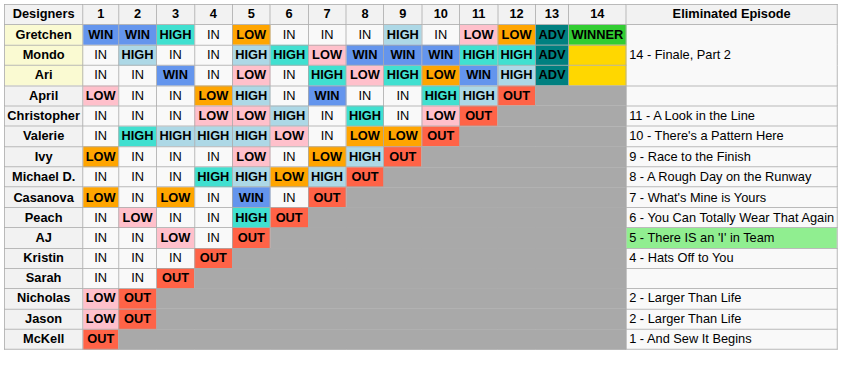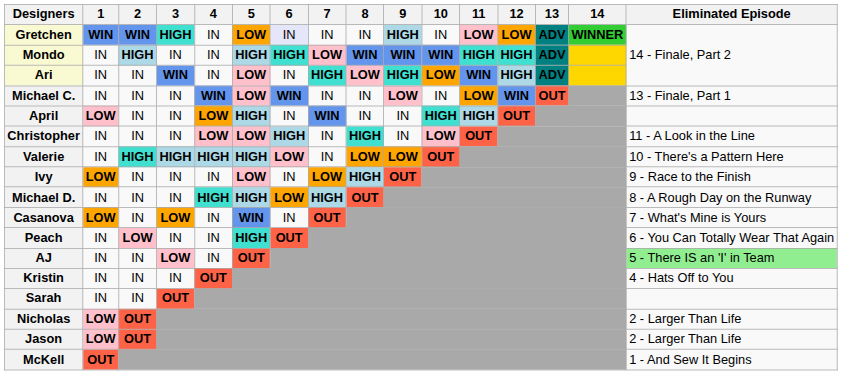 <table class="wikitable" style="text-align:center">
 <tr>
 <th>Designers</th>
 <th>1</th>
 <th>2</th>
 <th>3</th>
 <th>4</th>
 <th>5</th>
 <th>6</th>
 <th>7</th>
 <th>8</th>
 <th>9</th>
 <th>10</th>
 <th>11</th>
 <th>12</th>
 <th>13</th>
 <th>14</th>
 <th>Eliminated Episode</th>
 </tr>
 <tr>
 <th style="background:#FAFAD2;">Gretchen</th>
 <td style="background:cornflowerblue;"><strong>WIN</strong></td>
 <td style="background:cornflowerblue;”"><strong>WIN</strong></td>
 <td style="background:turquoise;"><strong>HIGH</strong></td>
 <td>IN</td>
 <td style="background:orange;"><strong>LOW</strong></td>
-<td>IN</td>
+<td style="background: lavender;">IN</td>
 <td>IN</td>
 <td>IN</td>
 <td style="Background:lightblue;"><strong>HIGH</strong></td>
 <td>IN</td>
 <td style="background:pink;"><strong>LOW</strong></td>
 <td style="background:orange;"><strong>LOW</strong></td>
 <td style="background:teal;"><strong>ADV</strong></td>
 <td style="background:limegreen;"><strong>WINNER</strong></td>
 <td style="text-align:left" rowspan="3">14 - Finale, Part 2</td>
 </tr>
 <tr>
 <th style="background:#FAFAD2;">Mondo</th>
 <td>IN</td>
 <td style="background:lightblue;"><strong>HIGH</strong></td>
 <td>IN</td>
 <td>IN</td>
 <td style="background:lightblue;"><strong>HIGH</strong></td>
 <td style="background:turquoise;"><strong>HIGH</strong></td>
 <td style="background:pink;"><strong>LOW</strong></td>
 <td style="background:cornflowerblue;"><strong>WIN</strong></td>
 <td style="background:cornflowerblue;"><strong>WIN</strong></td>
 <td style="background:cornflowerblue;"><strong>WIN</strong></td>
 <td style="background:turquoise;"><strong>HIGH</strong></td>
 <td style="background:turquoise;"><strong>HIGH</strong></td>
 <td style="background:teal;"><strong>ADV</strong></td>
 <td style="background:gold;"></td>
 </tr>
 <tr>
 <th style="background:#FAFAD2;">Ari</th>
 <td>IN</td>
 <td>IN</td>
 <td style="background:cornflowerblue;"><strong>WIN</strong></td>
 <td>IN</td>
 <td style="background:pink;"><strong>LOW</strong></td>
 <td>IN</td>
 <td style="background:turquoise;"><strong>HIGH</strong></td>
 <td style="background:pink;"><strong>LOW</strong></td>
 <td style="background:turquoise;"><strong>HIGH</strong></td>
 <td style="background:orange;"><strong>LOW</strong></td>
 <td style="background:cornflowerblue;"><strong>WIN</strong></td>
 <td style="background:lightblue;"><strong>HIGH</strong></td>
 <td style="background:teal;"><strong>ADV</strong></td>
 <td style="background:gold;"></td>
+</tr>
+<tr |->
+<th>Michael C.</th>
+<td>IN</td>
+<td>IN</td>
+<td>IN</td>
+<td style="background:cornflowerblue;"><strong>WIN</strong></td>
+<td style="background:pink;"><strong>LOW</strong></td>
+<td style="background:cornflowerblue;"><strong>WIN</strong></td>
+<td>IN</td>
+<td>IN</td>
+<td style="background:pink;"><strong>LOW</strong></td>
+<td>IN</td>
+<td style="background:orange;"><strong>LOW</strong></td>
+<td style="background:cornflowerblue;"><strong>WIN</strong></td>
+<td style="background:tomato;"><strong>OUT</strong></td>
+<td style="background:darkgray;" colspan="1"></td>
+<td style="text-align:left">13 - Finale, Part 1</td>
 </tr>
 <tr>
 <th>April</th>
 <td style="background:pink;"><strong>LOW</strong></td>
 <td>IN</td>
 <td>IN</td>
 <td style="background:orange;"><strong>LOW</strong></td>
 <td style="background:lightblue;"><strong>HIGH</strong></td>
 <td>IN</td>
 <td style="background:cornflowerblue;"><strong>WIN</strong></td>
 <td>IN</td>
 <td>IN</td>
 <td style="background:turquoise;"><strong>HIGH</strong></td>
 <td style="background:lightblue;"><strong>HIGH</strong></td>
 <td style="background:tomato;"><strong>OUT</strong></td>
 <td style="background:darkgray;" colspan="2"></td>
 <td style="text-align:left"></td>
 </tr>
 <tr>
 <th>Christopher</th>
 <td>IN</td>
 <td>IN</td>
 <td>IN</td>
 <td style="background:pink;"><strong>LOW</strong></td>
 <td style="background:pink;"><strong>LOW</strong></td>
 <td style="background:lightblue;"><strong>HIGH</strong></td>
 <td>IN</td>
 <td style="background:turquoise;"><strong>HIGH</strong></td>
 <td>IN</td>
 <td style="background:pink;"><strong>LOW</strong></td>
 <td style="background:tomato;"><strong>OUT</strong></td>
 <td style="background:darkgray;" colspan="3"></td>
 <td style="text-align:left" rowspan="1">11 - A Look in the Line</td>
 </tr>
 <tr>
 <th>Valerie</th>
 <td>IN</td>
 <td style="background:turquoise;"><strong>HIGH</strong></td>
 <td style="background:lightblue;"><strong>HIGH</strong></td>
 <td style="background:lightblue;"><strong>HIGH</strong></td>
 <td style="background:lightblue;"><strong>HIGH</strong></td>
 <td style="background:pink;"><strong>LOW</strong></td>
 <td>IN</td>
 <td style="background:orange;"><strong>LOW</strong></td>
 <td style="background:orange;"><strong>LOW</strong></td>
 <td style="background:tomato;"><strong>OUT</strong></td>
 <td style="background:darkgray;" colspan="4"></td>
 <td style="text-align:left" rowspan="1">10 - There's a Pattern Here</td>
 </tr>
 <tr>
 <th>Ivy</th>
 <td style="background:orange;"><strong>LOW</strong></td>
 <td>IN</td>
 <td>IN</td>
 <td>IN</td>
 <td style="background:pink;"><strong>LOW</strong></td>
 <td>IN</td>
 <td style="background:orange;"><strong>LOW</strong></td>
 <td style="background:lightblue;"><strong>HIGH</strong></td>
 <td style="background:tomato;"><strong>OUT</strong></td>
 <td style="background:darkgray;" colspan="5"></td>
 <td style="text-align:left">9 - Race to the Finish</td>
 </tr>
 <tr>
 <th>Michael D.</th>
 <td>IN</td>
 <td>IN</td>
 <td>IN</td>
 <td style="background:turquoise;"><strong>HIGH</strong></td>
 <td style="background:lightblue;"><strong>HIGH</strong></td>
 <td style="background:orange;"><strong>LOW</strong></td>
 <td style="background:lightblue;"><strong>HIGH</strong></td>
 <td style="background:tomato;"><strong>OUT</strong></td>
 <td style="background:darkgray;" colspan="6"></td>
 <td style="text-align:left">8 - A Rough Day on the Runway</td>
 </tr>
 <tr>
 <th>Casanova</th>
 <td style="background:orange;"><strong>LOW</strong></td>
 <td>IN</td>
 <td style="background:orange;"><strong>LOW</strong></td>
 <td>IN</td>
 <td style="background:cornflowerblue;"><strong>WIN</strong></td>
 <td>IN</td>
 <td style="background:tomato;"><strong>OUT</strong></td>
 <td style="background:darkgray;" colspan="7"></td>
 <td style="text-align:left">7 - What's Mine is Yours</td>
 </tr>
 <tr>
 <th>Peach</th>
 <td>IN</td>
 <td style="background:pink;"><strong>LOW</strong></td>
 <td>IN</td>
 <td>IN</td>
 <td style="background:turquoise;"><strong>HIGH</strong></td>
 <td style="background:tomato;"><strong>OUT</strong></td>
 <td style="background:darkgray;" colspan="8"></td>
 <td style="text-align:left">6 - You Can Totally Wear That Again</td>
 </tr>
 <tr>
 <th>AJ</th>
 <td>IN</td>
 <td>IN</td>
 <td style="background:pink;"><strong>LOW</strong></td>
 <td>IN</td>
 <td style="background:tomato;"><strong>OUT</strong></td>
 <td style="background:darkgray;" colspan="9"></td>
 <td style="background: lightgreen; text-align:left">5 - There IS an 'I' in Team</td>
 </tr>
 <tr>
 <th>Kristin</th>
 <td>IN</td>
 <td>IN</td>
 <td>IN</td>
 <td style="background:tomato;"><strong>OUT</strong></td>
 <td style="background:darkgray;" colspan="10"></td>
 <td style="text-align:left">4 - Hats Off to You</td>
 </tr>
 <tr>
 <th>Sarah</th>
 <td>IN</td>
 <td>IN</td>
 <td style="background:tomato;"><strong>OUT</strong></td>
 <td style="background:darkgray;" colspan="11"></td>
 <td style="text-align:left"></td>
 </tr>
 <tr>
 <th>Nicholas</th>
 <td style="background:pink;"><strong>LOW</strong></td>
 <td style="background:tomato;"><strong>OUT</strong></td>
 <td style="background:darkgray;" colspan="12"></td>
 <td style="text-align:left">2 - Larger Than Life</td>
 </tr>
 <tr>
 <th>Jason</th>
 <td style="background:pink;"><strong>LOW</strong></td>
 <td style="background:tomato;"><strong>OUT</strong></td>
 <td style="background:darkgray;" colspan="12"></td>
 <td style="text-align:left">2 - Larger Than Life</td>
 </tr>
 <tr>
 <th>McKell</th>
 <td style="background:tomato;"><strong>OUT</strong></td>
 <td style="background:darkgray;" colspan="13"></td>
 <td style="text-align:left">1 - And Sew It Begins</td>
 </tr>
 </table>
